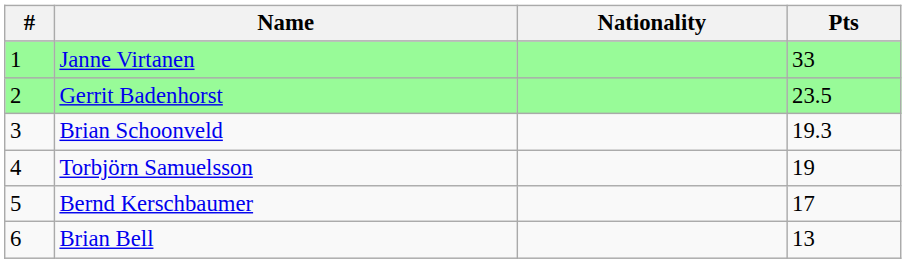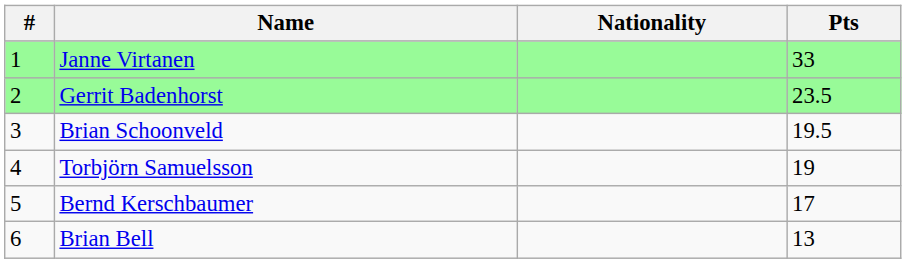 <table class="wikitable" style="display: inline-table; width: 50%;">
 <tr>
 <th>#</th>
 <th>Name</th>
 <th>Nationality</th>
 <th>Pts</th>
 </tr>
 <tr bgcolor=palegreen>
 <td>1</td>
 <td><a href='#'>Janne Virtanen</a></td>
 <td></td>
 <td>33</td>
 </tr>
 <tr bgcolor=palegreen>
 <td>2</td>
 <td><a href='#'>Gerrit Badenhorst</a></td>
 <td></td>
 <td>23.5</td>
 </tr>
 <tr>
 <td>3</td>
 <td><a href='#'>Brian Schoonveld</a></td>
 <td></td>
-<td>19.3</td>
+<td>19.5</td>
 </tr>
 <tr>
 <td>4</td>
 <td><a href='#'>Torbjörn Samuelsson</a></td>
 <td></td>
 <td>19</td>
 </tr>
 <tr>
 <td>5</td>
 <td><a href='#'>Bernd Kerschbaumer</a></td>
 <td></td>
 <td>17</td>
 </tr>
 <tr>
 <td>6</td>
 <td><a href='#'>Brian Bell</a></td>
 <td></td>
 <td>13</td>
 </tr>
 </table>
